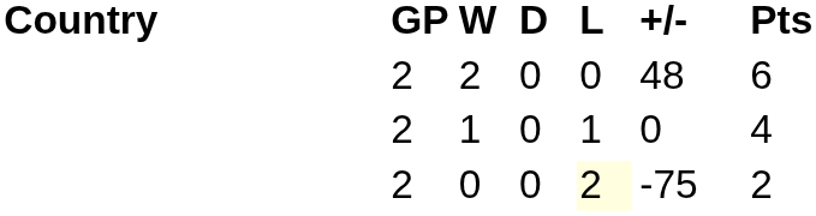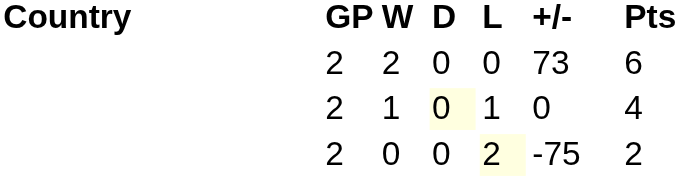 <table>
 <tr ---->
 <td width="150"><strong>Country</strong></td>
 <td width="20"><strong>GP</strong></td>
 <td width="20"><strong>W</strong></td>
 <td width="20"><strong>D</strong></td>
 <td width="20"><strong>L</strong></td>
 <td width="40"><strong>+/-</strong></td>
 <td width="20"><strong>Pts</strong></td>
 </tr>
 <tr ---->
 <td></td>
 <td>2</td>
 <td>2</td>
 <td>0</td>
 <td>0</td>
-<td>48</td>
+<td>73</td>
 <td>6</td>
 </tr>
 <tr ---->
 <td></td>
 <td>2</td>
 <td>1</td>
-<td>0</td>
+<td style="background: lightyellow;">0</td>
 <td>1</td>
 <td>0</td>
 <td>4</td>
 </tr>
 <tr ---->
 <td></td>
 <td>2</td>
 <td>0</td>
 <td>0</td>
 <td style="background: lightyellow;">2</td>
 <td>-75</td>
 <td>2</td>
 </tr>
 </table>
